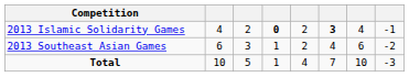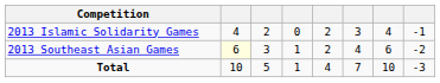 <table class="wikitable" style="text-align: center;">
 <tr>
 <th width=250>Competition</th>
 <th width=30></th>
 <th width=30></th>
 <th width=30></th>
 <th width=30></th>
 <th width=30></th>
 <th width=30></th>
 <th width=30></th>
 </tr>
 <tr>
 <td align="left"><a href='#'>2013 Islamic Solidarity Games</a></td>
 <td>4</td>
 <td>2</td>
-<td><strong>0</strong></td>
+<td>0</td>
 <td>2</td>
-<td><strong>3</strong></td>
+<td>3</td>
 <td>4</td>
 <td>-1</td>
 </tr>
 <tr>
 <td align="left"><a href='#'>2013 Southeast Asian Games</a></td>
-<td>6</td>
+<td style="background: lightyellow;">6</td>
 <td>3</td>
 <td>1</td>
 <td>2</td>
 <td>4</td>
 <td>6</td>
 <td>-2</td>
 </tr>
 <tr>
 <td><strong>Total</strong></td>
 <td>10</td>
 <td>5</td>
 <td>1</td>
 <td>4</td>
 <td>7</td>
 <td>10</td>
 <td>-3</td>
 </tr>
 </table>
